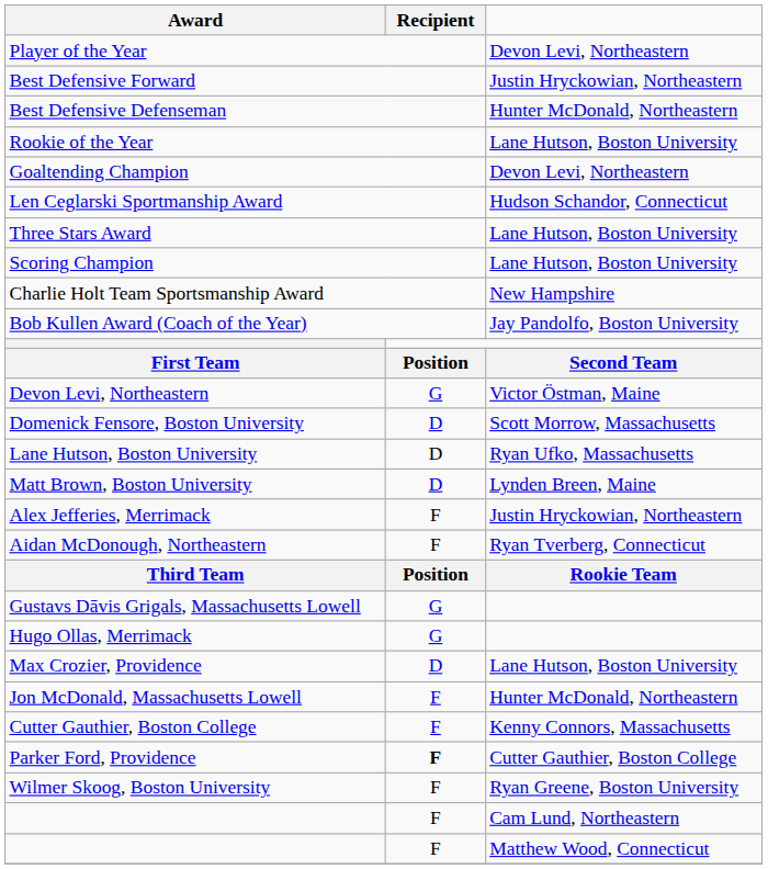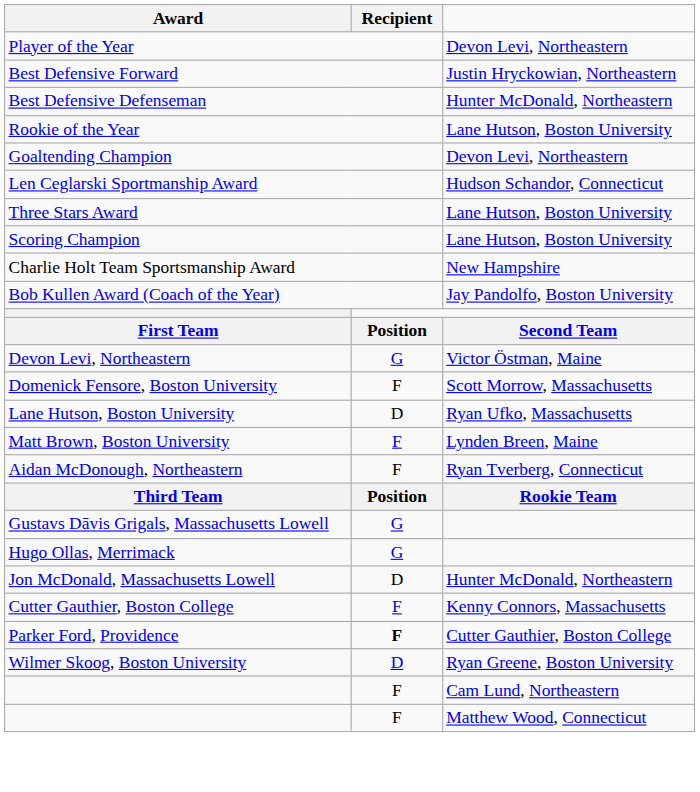 <table class="wikitable" width=40%>
 <tr>
 <th>Award</th>
 <th>Recipient</th>
 </tr>
 <tr>
 <td colspan=2><a href='#'>Player of the Year</a></td>
 <td><a href='#'>Devon Levi</a>, <a href='#'>Northeastern</a></td>
 </tr>
 <tr>
 <td colspan=2><a href='#'>Best Defensive Forward</a></td>
 <td><a href='#'>Justin Hryckowian</a>, <a href='#'>Northeastern</a></td>
 </tr>
 <tr>
 <td colspan=2><a href='#'>Best Defensive Defenseman</a></td>
 <td><a href='#'>Hunter McDonald</a>, <a href='#'>Northeastern</a></td>
 </tr>
 <tr>
 <td colspan=2><a href='#'>Rookie of the Year</a></td>
 <td><a href='#'>Lane Hutson</a>, <a href='#'>Boston University</a></td>
 </tr>
 <tr>
 <td colspan=2><a href='#'>Goaltending Champion</a></td>
 <td><a href='#'>Devon Levi</a>, <a href='#'>Northeastern</a></td>
 </tr>
 <tr>
 <td colspan=2><a href='#'>Len Ceglarski Sportmanship Award</a></td>
 <td><a href='#'>Hudson Schandor</a>, <a href='#'>Connecticut</a></td>
 </tr>
 <tr>
 <td colspan=2><a href='#'>Three Stars Award</a></td>
 <td><a href='#'>Lane Hutson</a>, <a href='#'>Boston University</a></td>
 </tr>
 <tr>
 <td colspan=2><a href='#'>Scoring Champion</a></td>
 <td><a href='#'>Lane Hutson</a>, <a href='#'>Boston University</a></td>
 </tr>
 <tr>
 <td colspan=2>Charlie Holt Team Sportsmanship Award</td>
 <td><a href='#'>New Hampshire</a></td>
 </tr>
 <tr>
 <td colspan=2><a href='#'>Bob Kullen Award (Coach of the Year)</a></td>
 <td><a href='#'>Jay Pandolfo</a>, <a href='#'>Boston University</a></td>
 </tr>
 <tr>
 <th><a href='#'></a></th>
 </tr>
 <tr>
 <th><a href='#'>First Team</a></th>
 <th>  Position  </th>
 <th><a href='#'>Second Team</a></th>
 </tr>
 <tr>
 <td><a href='#'>Devon Levi</a>, <a href='#'>Northeastern</a></td>
 <td align=center><a href='#'>G</a></td>
 <td><a href='#'>Victor Östman</a>, <a href='#'>Maine</a></td>
 </tr>
 <tr>
 <td><a href='#'>Domenick Fensore</a>, <a href='#'>Boston University</a></td>
-<td align=center><a href='#'>D</a></td>
+<td align=center>F</td>
 <td><a href='#'>Scott Morrow</a>, <a href='#'>Massachusetts</a></td>
 </tr>
 <tr>
 <td><a href='#'>Lane Hutson</a>, <a href='#'>Boston University</a></td>
 <td align=center>D</td>
 <td><a href='#'>Ryan Ufko</a>, <a href='#'>Massachusetts</a></td>
 </tr>
 <tr>
 <td><a href='#'>Matt Brown</a>, <a href='#'>Boston University</a></td>
-<td align=center><a href='#'>D</a></td>
+<td align=center><a href='#'>F</a></td>
 <td><a href='#'>Lynden Breen</a>, <a href='#'>Maine</a></td>
-</tr>
-<tr>
-<td><a href='#'>Alex Jefferies</a>, <a href='#'>Merrimack</a></td>
-<td align=center>F</td>
-<td><a href='#'>Justin Hryckowian</a>, <a href='#'>Northeastern</a></td>
 </tr>
 <tr>
 <td><a href='#'>Aidan McDonough</a>, <a href='#'>Northeastern</a></td>
 <td align=center>F</td>
 <td><a href='#'>Ryan Tverberg</a>, <a href='#'>Connecticut</a></td>
 </tr>
 <tr>
 <th><a href='#'>Third Team</a></th>
 <th>  Position  </th>
 <th><a href='#'>Rookie Team</a></th>
 </tr>
 <tr>
 <td><a href='#'>Gustavs Dāvis Grigals</a>, <a href='#'>Massachusetts Lowell</a></td>
 <td align=center><a href='#'>G</a></td>
 <td></td>
 </tr>
 <tr>
 <td><a href='#'>Hugo Ollas</a>, <a href='#'>Merrimack</a></td>
 <td align=center><a href='#'>G</a></td>
 <td></td>
 </tr>
 <tr>
-<td><a href='#'>Max Crozier</a>, <a href='#'>Providence</a></td>
-<td align=center><a href='#'>D</a></td>
-<td><a href='#'>Lane Hutson</a>, <a href='#'>Boston University</a></td>
-</tr>
-<tr>
 <td><a href='#'>Jon McDonald</a>, <a href='#'>Massachusetts Lowell</a></td>
-<td align=center><a href='#'>F</a></td>
+<td align=center>D</td>
 <td><a href='#'>Hunter McDonald</a>, <a href='#'>Northeastern</a></td>
 </tr>
 <tr>
 <td><a href='#'>Cutter Gauthier</a>, <a href='#'>Boston College</a></td>
 <td align=center><a href='#'>F</a></td>
 <td><a href='#'>Kenny Connors</a>, <a href='#'>Massachusetts</a></td>
 </tr>
 <tr>
 <td><a href='#'>Parker Ford</a>, <a href='#'>Providence</a></td>
 <td align=center><strong>F</strong></td>
 <td><a href='#'>Cutter Gauthier</a>, <a href='#'>Boston College</a></td>
 </tr>
 <tr>
 <td><a href='#'>Wilmer Skoog</a>, <a href='#'>Boston University</a></td>
-<td align=center>F</td>
+<td align=center><a href='#'>D</a></td>
 <td><a href='#'>Ryan Greene</a>, <a href='#'>Boston University</a></td>
 </tr>
 <tr>
 <td></td>
 <td align=center>F</td>
 <td><a href='#'>Cam Lund</a>, <a href='#'>Northeastern</a></td>
 </tr>
 <tr>
 <td></td>
 <td align=center>F</td>
 <td><a href='#'>Matthew Wood</a>, <a href='#'>Connecticut</a></td>
 </tr>
 <tr>
 </tr>
 </table>
